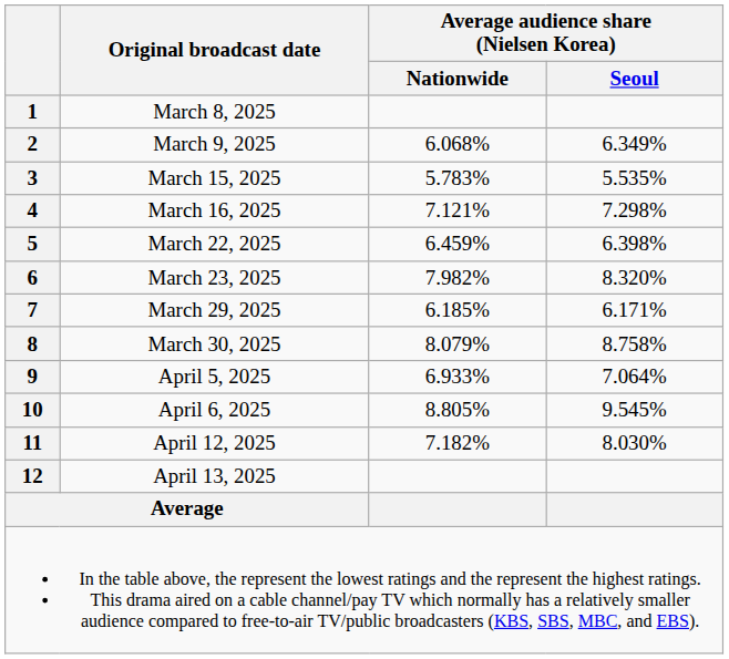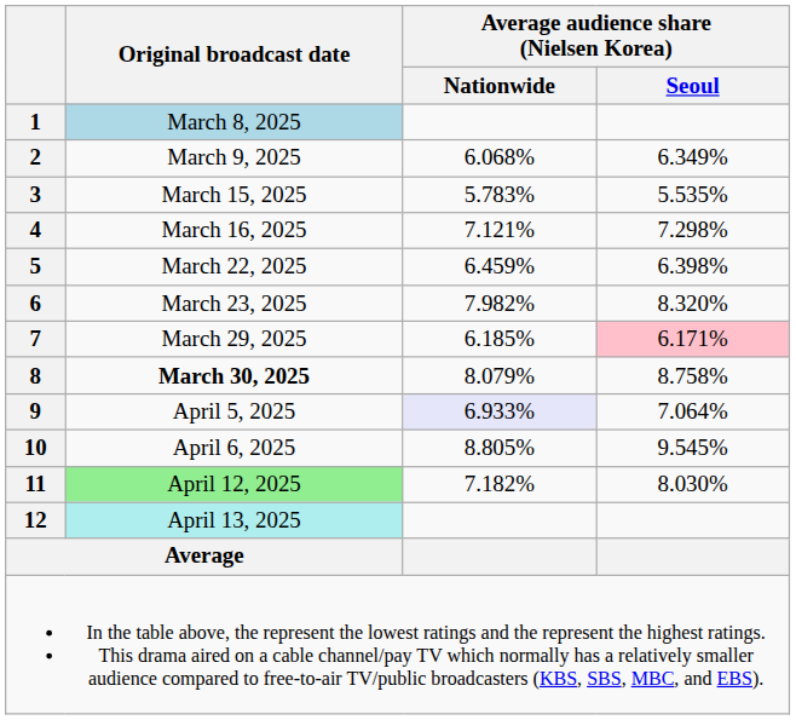 <table class="wikitable" style="margin-left:auto; margin-right:auto; width:550px; text-align:center">
 <tr>
 <th scope="col" rowspan="2"></th>
 <th scope="col" rowspan="2">Original broadcast date</th>
 <th scope="col" colspan="2">Average audience share<br>(Nielsen Korea)</th>
 </tr>
 <tr>
 <th scope="col" style="width:8em">Nationwide</th>
 <th scope="col" style="width:8em"><a href='#'>Seoul</a></th>
 </tr>
 <tr>
 <th scope="row">1</th>
-<td>March 8, 2025</td>
+<td style="background: lightblue;">March 8, 2025</td>
 <td><strong></strong> </td>
 <td><strong></strong> </td>
 </tr>
 <tr>
 <th scope="row">2</th>
 <td>March 9, 2025</td>
 <td>6.068% </td>
 <td>6.349% </td>
 </tr>
 <tr>
 <th scope="row">3</th>
 <td>March 15, 2025</td>
 <td>5.783% </td>
 <td>5.535% </td>
 </tr>
 <tr>
 <th scope="row">4</th>
 <td>March 16, 2025</td>
 <td>7.121% </td>
 <td>7.298% </td>
 </tr>
 <tr>
 <th scope="row">5</th>
 <td>March 22, 2025</td>
 <td>6.459% </td>
 <td>6.398% </td>
 </tr>
 <tr>
 <th scope="row">6</th>
 <td>March 23, 2025</td>
 <td>7.982% </td>
 <td>8.320% </td>
 </tr>
 <tr>
 <th scope="row">7</th>
 <td>March 29, 2025</td>
 <td>6.185% </td>
-<td>6.171% </td>
+<td style="background: pink;">6.171% </td>
 </tr>
 <tr>
 <th scope="row">8</th>
-<td>March 30, 2025</td>
+<td><strong>March 30, 2025</strong></td>
 <td>8.079% </td>
 <td>8.758% </td>
 </tr>
 <tr>
 <th scope="row">9</th>
 <td>April 5, 2025</td>
-<td>6.933% </td>
+<td style="background: lavender;">6.933% </td>
 <td>7.064% </td>
 </tr>
 <tr>
 <th scope="col">10</th>
 <td>April 6, 2025</td>
 <td>8.805% </td>
 <td>9.545% </td>
 </tr>
 <tr>
 <th scope="col">11</th>
-<td>April 12, 2025</td>
+<td style="background: lightgreen;">April 12, 2025</td>
 <td>7.182% </td>
 <td>8.030% </td>
 </tr>
 <tr>
 <th scope="col">12</th>
-<td>April 13, 2025</td>
+<td style="background: paleturquoise;">April 13, 2025</td>
 <td><strong></strong> </td>
 <td><strong></strong> </td>
 </tr>
 <tr>
 <th scope="col" colspan="2">Average</th>
 <th scope="col"></th>
 <th scope="col"></th>
 </tr>
 <tr>
 <td colspan="4" style="font-size:85%"><br><ul><li>In the table above, the <strong></strong> represent the lowest ratings and the <strong></strong> represent the highest ratings.</li><li>This drama aired on a cable channel/pay TV which normally has a relatively smaller audience compared to free-to-air TV/public broadcasters (<a href='#'>KBS</a>, <a href='#'>SBS</a>, <a href='#'>MBC</a>, and <a href='#'>EBS</a>).</li></ul></td>
 </tr>
 </table>
